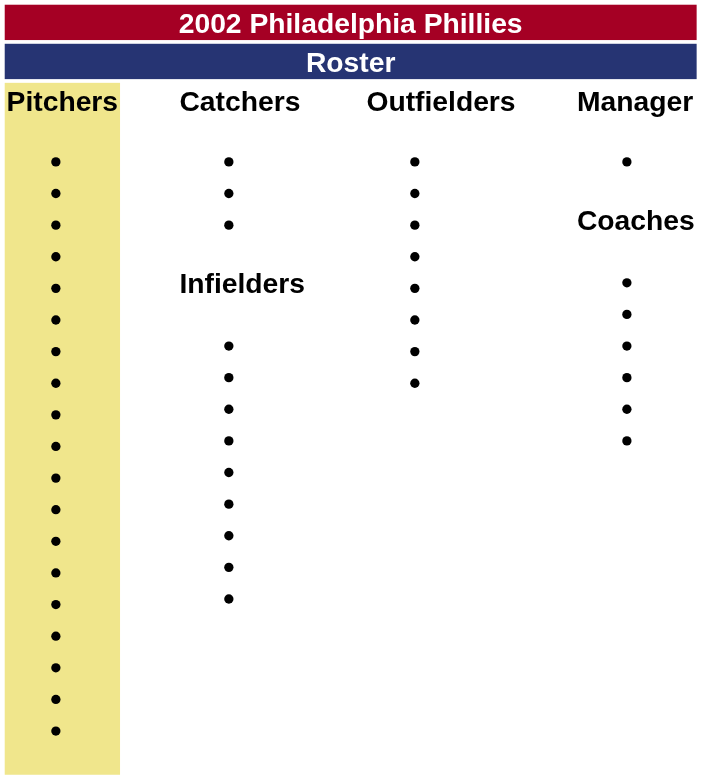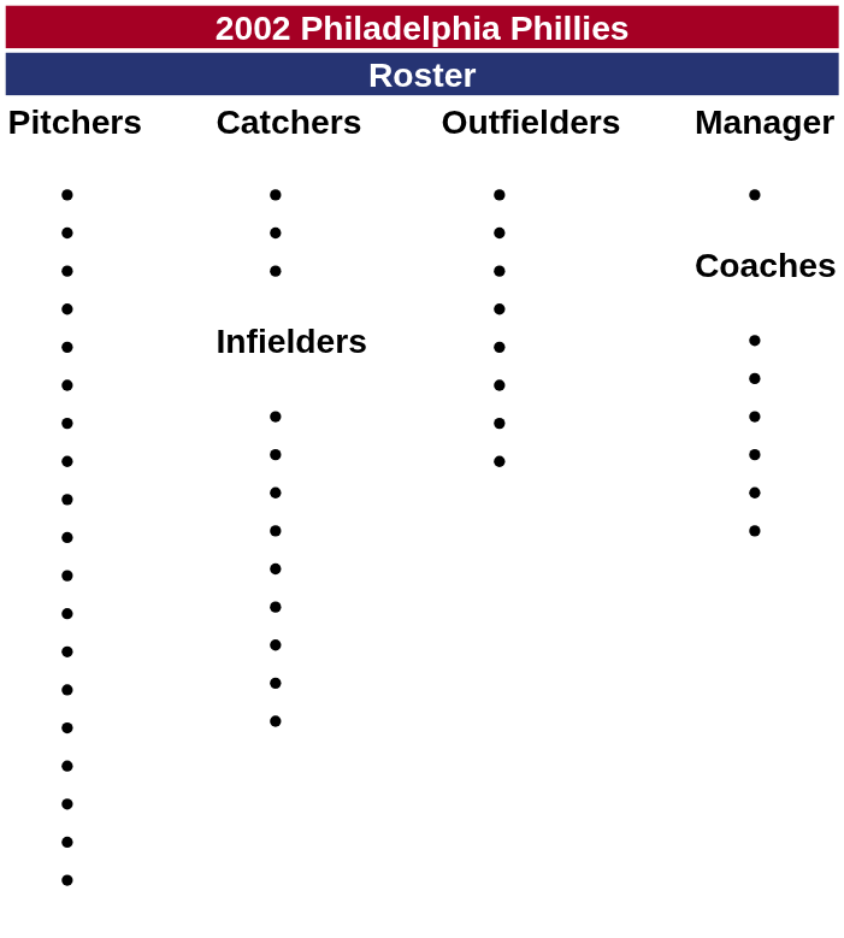 <table class="toccolours" style="font-size: 95%;">
 <tr>
 <th colspan="10" style="background:#a50024; color:#fff; text-align:center;">2002 Philadelphia Phillies</th>
 </tr>
 <tr>
 <td colspan="10" style="background:#263473; color:white; text-align:center;"><strong>Roster</strong></td>
 </tr>
 <tr>
-<td valign="top" style="background: khaki;"><strong>Pitchers</strong><br><ul><li></li><li></li><li></li><li></li><li></li><li></li><li></li><li></li><li></li><li></li><li></li><li></li><li></li><li></li><li></li><li></li><li></li><li></li><li></li></ul></td>
+<td valign="top"><strong>Pitchers</strong><br><ul><li></li><li></li><li></li><li></li><li></li><li></li><li></li><li></li><li></li><li></li><li></li><li></li><li></li><li></li><li></li><li></li><li></li><li></li><li></li></ul></td>
 <td style="width:25px;"></td>
 <td valign="top"><strong>Catchers</strong><br><ul><li></li><li></li><li></li></ul><strong>Infielders</strong><ul><li></li><li></li><li></li><li></li><li></li><li></li><li></li><li></li><li></li></ul></td>
 <td style="width:25px;"></td>
 <td valign="top"><strong>Outfielders</strong><br><ul><li></li><li></li><li></li><li></li><li></li><li></li><li></li><li></li></ul></td>
 <td style="width:25px;"></td>
 <td valign="top"><strong>Manager</strong><br><ul><li></li></ul><strong>Coaches</strong><ul><li></li><li></li><li></li><li></li><li></li><li></li></ul></td>
 </tr>
 </table>
